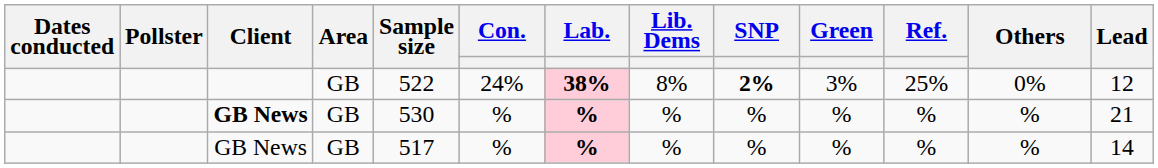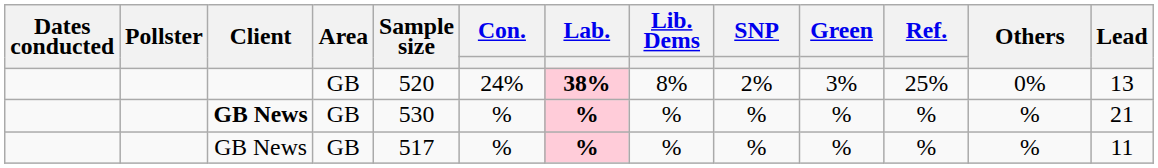 <table class="wikitable sortable mw-datatable" style="text-align:center;  line-height:14px;">
 <tr>
 <th rowspan="2">Dates<br>conducted</th>
 <th rowspan="2">Pollster</th>
 <th rowspan="2">Client</th>
 <th rowspan="2">Area</th>
 <th data-sort-type="number" rowspan="2">Sample<br>size</th>
 <th class="unsortable" style="width:50px;"><a href='#'>Con.</a></th>
 <th class="unsortable" style="width:50px;"><a href='#'>Lab.</a></th>
 <th class="unsortable" style="width:50px;"><a href='#'>Lib. Dems</a></th>
 <th class="unsortable" style="width:50px;"><a href='#'>SNP</a></th>
 <th class="unsortable" style="width:50px;"><a href='#'>Green</a></th>
 <th class="unsortable" style="width:50px;"><a href='#'>Ref.</a></th>
 <th rowspan="2" class="unsortable" style="width:75px;">Others</th>
 <th data-sort-type="number" rowspan="2">Lead</th>
 </tr>
 <tr>
 <th data-sort-type="number" style="background:"></th>
 <th data-sort-type="number" style="background:"></th>
 <th data-sort-type="number" style="background:"></th>
 <th data-sort-type="number" style="background:"></th>
 <th data-sort-type="number" style="background:"></th>
 <th data-sort-type="number" style="background:"></th>
 </tr>
 <tr>
 <td></td>
 <td></td>
 <td></td>
 <td>GB</td>
-<td>522</td>
+<td>520</td>
 <td>24%</td>
 <td style="background:#FFCCD9;color:black"><strong>38%</strong></td>
 <td>8%</td>
-<td><strong>2%</strong></td>
+<td>2%</td>
 <td>3%</td>
 <td>25%</td>
 <td>0%</td>
-<td style="background:">12</td>
+<td style="background:">13</td>
 </tr>
 <tr>
 <td></td>
 <td></td>
 <td><strong>GB News</strong></td>
 <td>GB</td>
 <td>530</td>
 <td>%</td>
 <td style="background:#FFCCD9;color:black"><strong>%</strong></td>
 <td>%</td>
 <td>%</td>
 <td>%</td>
 <td>%</td>
 <td>%</td>
 <td style="background:">21</td>
 </tr>
 <tr>
 <td></td>
 <td></td>
 <td>GB News</td>
 <td>GB</td>
 <td>517</td>
 <td>%</td>
 <td style="background:#FFCCD9;color:black"><strong>%</strong></td>
 <td>%</td>
 <td>%</td>
 <td>%</td>
 <td>%</td>
 <td>%</td>
-<td style="background:">14</td>
+<td style="background:">11</td>
 </tr>
 </table>
